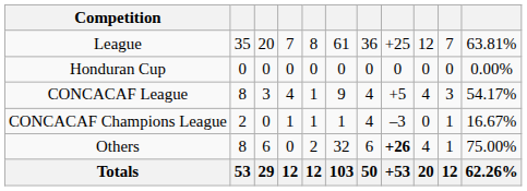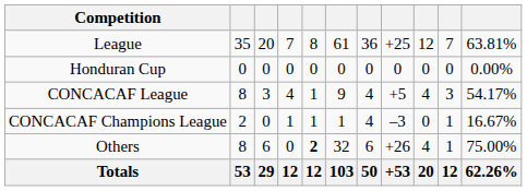 <table class="wikitable">
 <tr>
 <th>Competition</th>
 <th></th>
 <th></th>
 <th></th>
 <th></th>
 <th></th>
 <th></th>
 <th></th>
 <th></th>
 <th></th>
 <th></th>
 </tr>
 <tr align=center>
 <td>League</td>
 <td>35</td>
 <td>20</td>
 <td>7</td>
 <td>8</td>
 <td>61</td>
 <td>36</td>
 <td>+25</td>
 <td>12</td>
 <td>7</td>
 <td>63.81%</td>
 </tr>
 <tr align=center>
 <td>Honduran Cup</td>
 <td>0</td>
 <td>0</td>
 <td>0</td>
 <td>0</td>
 <td>0</td>
 <td>0</td>
 <td>0</td>
 <td>0</td>
 <td>0</td>
 <td>0.00%</td>
 </tr>
 <tr align=center>
 <td>CONCACAF League</td>
 <td>8</td>
 <td>3</td>
 <td>4</td>
 <td>1</td>
 <td>9</td>
 <td>4</td>
 <td>+5</td>
 <td>4</td>
 <td>3</td>
 <td>54.17%</td>
 </tr>
 <tr align=center>
 <td>CONCACAF Champions League</td>
 <td>2</td>
 <td>0</td>
 <td>1</td>
 <td>1</td>
 <td>1</td>
 <td>4</td>
 <td>–3</td>
 <td>0</td>
 <td>1</td>
 <td>16.67%</td>
 </tr>
 <tr align=center>
 <td>Others</td>
 <td>8</td>
 <td>6</td>
 <td>0</td>
-<td>2</td>
+<td><strong>2</strong></td>
 <td>32</td>
 <td>6</td>
-<td><strong>+26</strong></td>
+<td>+26</td>
 <td>4</td>
 <td>1</td>
 <td>75.00%</td>
 </tr>
 <tr>
 <th>Totals</th>
 <th>53</th>
 <th>29</th>
 <th>12</th>
 <th>12</th>
 <th>103</th>
 <th>50</th>
 <th>+53</th>
 <th>20</th>
 <th>12</th>
 <th>62.26%</th>
 </tr>
 </table>
